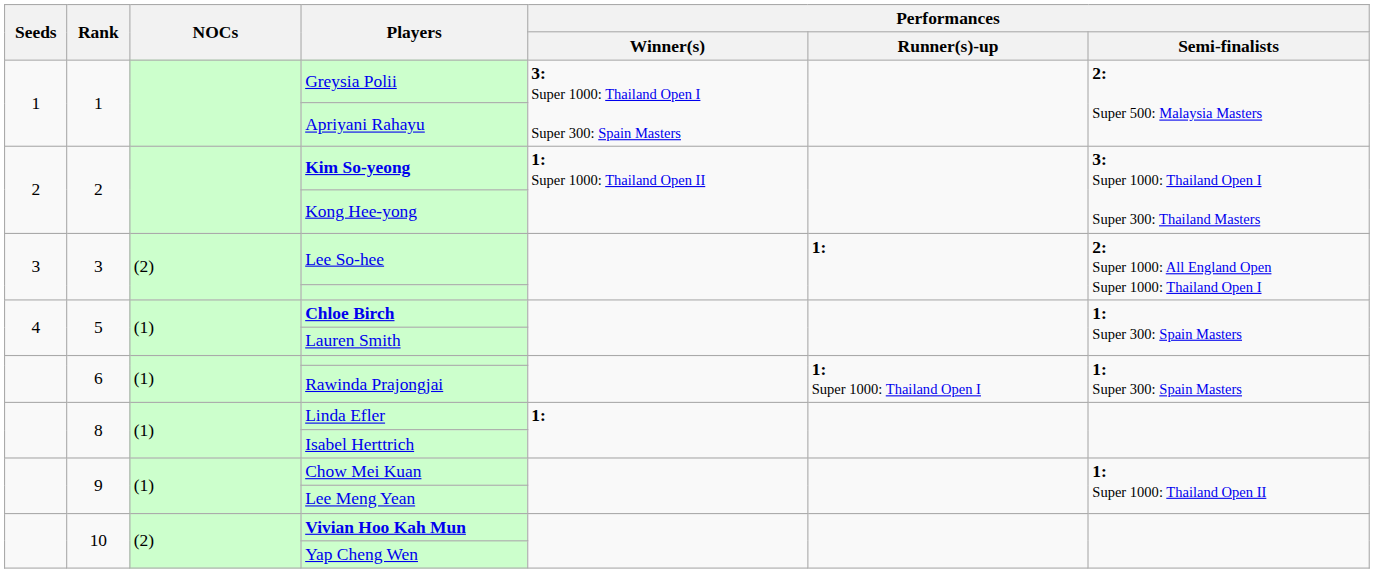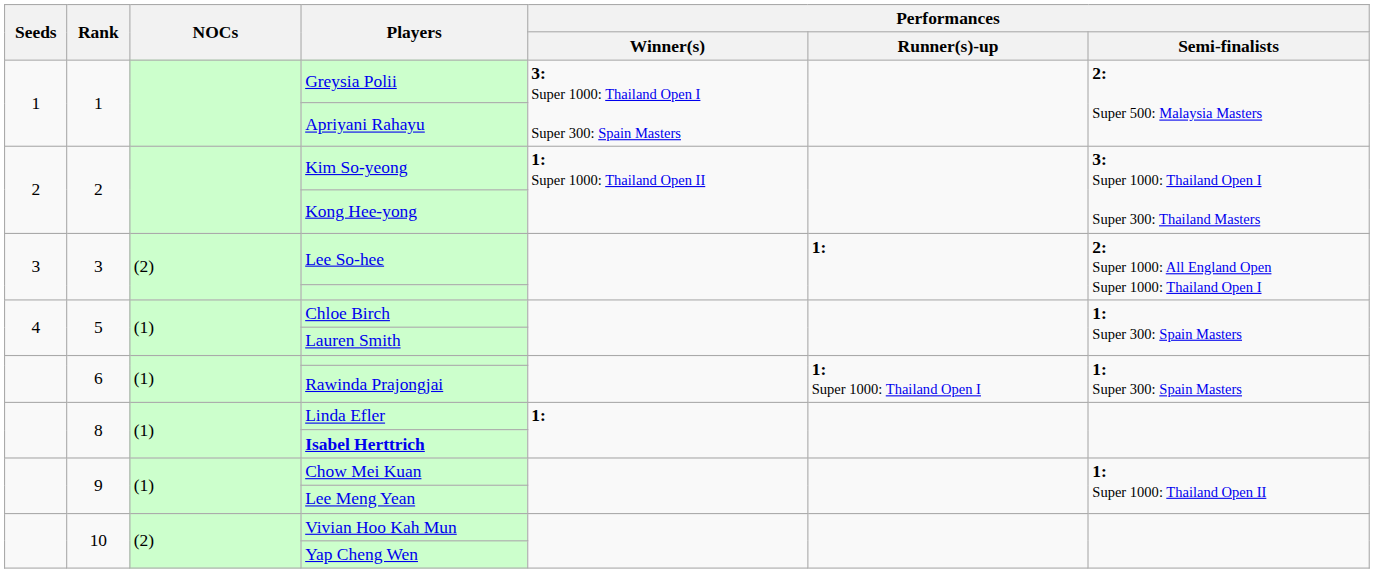 <table class="wikitable">
 <tr>
 <th rowspan="2" width="50">Seeds</th>
 <th rowspan="2" width="50">Rank</th>
 <th rowspan="2" width="150">NOCs</th>
 <th rowspan="2" width="200">Players</th>
 <th colspan="3">Performances</th>
 </tr>
 <tr>
 <th width="250">Winner(s)</th>
 <th width="250">Runner(s)-up</th>
 <th width="250">Semi-finalists</th>
 </tr>
 <tr>
 <td align="center" rowspan="2">1</td>
 <td align="center" rowspan="2">1</td>
 <td bgcolor="#ccffcc" rowspan="2"></td>
 <td bgcolor="#ccffcc"><a href='#'>Greysia Polii</a></td>
 <td rowspan="2" valign="top"><strong>3:</strong><br><small>Super 1000: <a href='#'>Thailand Open I</a><br> <br> Super 300: <a href='#'>Spain Masters</a></small></td>
 <td rowspan="2" valign="top"></td>
 <td rowspan="2" valign="top"><strong>2:</strong><br><small> <br>Super 500: <a href='#'>Malaysia Masters</a></small></td>
 </tr>
 <tr>
 <td bgcolor="#ccffcc"><a href='#'>Apriyani Rahayu</a></td>
 </tr>
 <tr>
 <td align="center" rowspan="2">2</td>
 <td align="center" rowspan="2">2</td>
 <td bgcolor="#ccffcc" rowspan="2"></td>
-<td bgcolor="#ccffcc"><strong><a href='#'>Kim So-yeong</a></strong></td>
+<td bgcolor="#ccffcc"><a href='#'>Kim So-yeong</a></td>
 <td rowspan="2" valign="top"><strong>1:</strong><br><small>Super 1000: <a href='#'>Thailand Open II</a></small></td>
 <td rowspan="2" valign="top"></td>
 <td rowspan="2" valign="top"><strong>3:</strong><br><small>Super 1000: <a href='#'>Thailand Open I</a><br> <br>Super 300: <a href='#'>Thailand Masters</a></small></td>
 </tr>
 <tr>
 <td bgcolor="#ccffcc"><a href='#'>Kong Hee-yong</a></td>
 </tr>
 <tr>
 <td align="center" rowspan="2">3</td>
 <td align="center" rowspan="2">3</td>
 <td bgcolor="#ccffcc" rowspan="2"> (2)</td>
 <td bgcolor="#ccffcc"><a href='#'>Lee So-hee</a></td>
 <td rowspan="2" valign="top"></td>
 <td rowspan="2" valign="top"><strong>1:</strong><br><small> </small></td>
 <td rowspan="2" valign="top"><strong>2:</strong><br><small>Super 1000: <a href='#'>All England Open</a><br> Super 1000: <a href='#'>Thailand Open I</a></small></td>
 </tr>
 <tr>
 <td bgcolor="#ccffcc"></td>
 </tr>
 <tr>
 <td align="center" rowspan="2">4</td>
 <td align="center" rowspan="2">5</td>
 <td bgcolor="#ccffcc" rowspan="2"> (1)</td>
-<td bgcolor="#ccffcc"><strong><a href='#'>Chloe Birch</a></strong></td>
+<td bgcolor="#ccffcc"><a href='#'>Chloe Birch</a></td>
 <td rowspan="2" valign="top"></td>
 <td rowspan="2" valign="top"></td>
 <td rowspan="2" valign="top"><strong>1:</strong><br><small>Super 300: <a href='#'>Spain Masters</a></small></td>
 </tr>
 <tr>
 <td bgcolor="#ccffcc"><a href='#'>Lauren Smith</a></td>
 </tr>
 <tr>
 <td align="center" rowspan="2"></td>
 <td align="center" rowspan="2">6</td>
 <td bgcolor="#ccffcc" rowspan="2"> (1)</td>
 <td bgcolor="#ccffcc"></td>
 <td rowspan="2" valign="top"></td>
 <td rowspan="2" valign="top"><strong>1:</strong><br><small>Super 1000: <a href='#'>Thailand Open I</a></small></td>
 <td rowspan="2" valign="top"><strong>1:</strong><br><small>Super 300: <a href='#'>Spain Masters</a></small></td>
 </tr>
 <tr>
 <td bgcolor="#ccffcc"><a href='#'>Rawinda Prajongjai</a></td>
 </tr>
 <tr>
 <td align="center" rowspan="2"></td>
 <td align="center" rowspan="2">8</td>
 <td bgcolor="#ccffcc" rowspan="2"> (1)</td>
 <td bgcolor="#ccffcc"><a href='#'>Linda Efler</a></td>
 <td rowspan="2" valign="top"><strong>1:</strong><br><small></small></td>
 <td rowspan="2" valign="top"></td>
 <td rowspan="2" valign="top"></td>
 </tr>
 <tr>
-<td bgcolor="#ccffcc"><a href='#'>Isabel Herttrich</a></td>
+<td bgcolor="#ccffcc"><strong><a href='#'>Isabel Herttrich</a></strong></td>
 </tr>
 <tr>
 <td align="center" rowspan="2"></td>
 <td align="center" rowspan="2">9</td>
 <td bgcolor="#ccffcc" rowspan="2"> (1)</td>
 <td bgcolor="#ccffcc"><a href='#'>Chow Mei Kuan</a></td>
 <td rowspan="2" valign="top"></td>
 <td rowspan="2" valign="top"></td>
 <td rowspan="2" valign="top"><strong>1:</strong><br><small>Super 1000: <a href='#'>Thailand Open II</a></small></td>
 </tr>
 <tr>
 <td bgcolor="#ccffcc"><a href='#'>Lee Meng Yean</a></td>
 </tr>
 <tr>
 <td align="center" rowspan="2"></td>
 <td align="center" rowspan="2">10</td>
 <td bgcolor="#ccffcc" rowspan="2"> (2)</td>
-<td bgcolor="#ccffcc"><strong><a href='#'>Vivian Hoo Kah Mun</a></strong></td>
+<td bgcolor="#ccffcc"><a href='#'>Vivian Hoo Kah Mun</a></td>
 <td rowspan="2" valign="top"></td>
 <td rowspan="2" valign="top"></td>
 <td rowspan="2" valign="top"></td>
 </tr>
 <tr>
 <td bgcolor="#ccffcc"><a href='#'>Yap Cheng Wen</a></td>
 </tr>
 </table>
